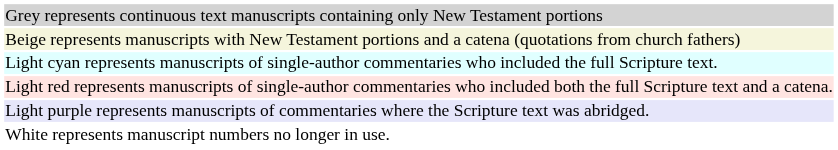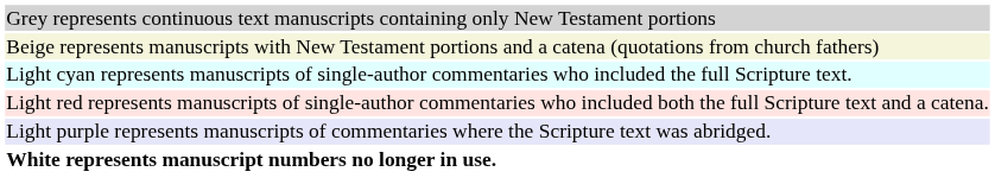 <table style="background:transparent">
 <tr>
 <td bgcolor="lightgrey">Grey represents continuous text manuscripts containing only New Testament portions</td>
 </tr>
 <tr>
 <td bgcolor="beige">Beige represents manuscripts with New Testament portions and a catena (quotations from church fathers)</td>
 </tr>
 <tr>
 <td bgcolor="LightCyan">Light cyan represents manuscripts of single-author commentaries who included the full Scripture text.</td>
 </tr>
 <tr>
 <td bgcolor="MistyRose">Light red represents manuscripts of single-author commentaries who included both the full Scripture text and a catena.</td>
 </tr>
 <tr>
 <td bgcolor="Lavender">Light purple represents manuscripts of commentaries where the Scripture text was abridged.</td>
 </tr>
 <tr>
-<td bgcolor="white">White represents manuscript numbers no longer in use.</td>
+<td bgcolor="white"><strong>White represents manuscript numbers no longer in use.</strong></td>
 </tr>
 </table>
